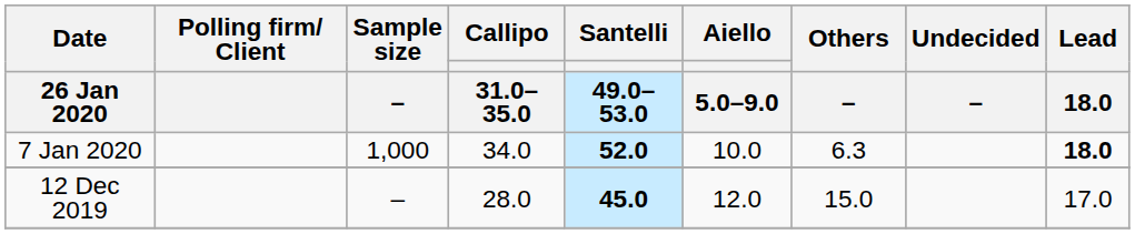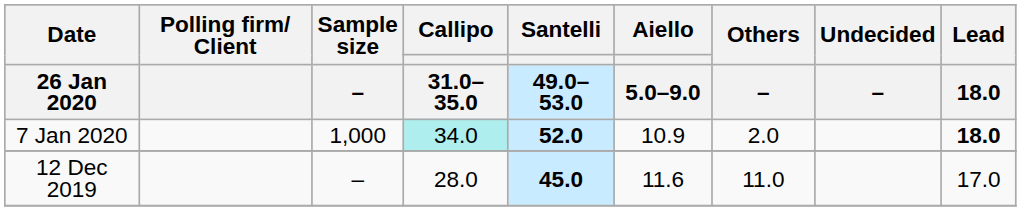 <table class=wikitable style="text-align:center;font-size:85%;line-height:13px">
 <tr style="height:30px; background-color:#E9E9E9">
 <th style="width:110px;" rowspan="2">Date</th>
 <th style="width:140px;" rowspan="2">Polling firm/<br>Client</th>
 <th style="width:50px;" rowspan="2">Sample size</th>
 <th style="width:65px;">Callipo</th>
 <th style="width:65px;">Santelli</th>
 <th style="width:65px;">Aiello</th>
 <th style="width:65px;" rowspan="2">Others</th>
 <th style="width:65px;" rowspan="2">Undecided</th>
 <th style="width:45px;" rowspan="2">Lead</th>
 </tr>
 <tr>
 <th style="background:"></th>
 <th style="background:"></th>
 <th style="background:"></th>
 </tr>
 <tr>
 <th>26 Jan 2020</th>
 <th></th>
 <th>–</th>
 <th>31.0–35.0</th>
 <th style="background:#C8EBFF"><strong>49.0–53.0</strong></th>
 <th>5.0–9.0</th>
 <th>–</th>
 <th>–</th>
 <th style="background:">18.0</th>
 </tr>
 <tr>
 <td>7 Jan 2020</td>
 <td></td>
 <td>1,000</td>
-<td>34.0</td>
+<td style="background: paleturquoise;">34.0</td>
 <td style="background:#C8EBFF"><strong>52.0</strong></td>
-<td>10.0</td>
-<td>6.3</td>
+<td>10.9</td>
+<td>2.0</td>
 <td></td>
 <td style="background:"><strong>18.0</strong></td>
 </tr>
 <tr>
 </tr>
 <tr>
 <td>12 Dec 2019</td>
 <td></td>
 <td>–</td>
 <td>28.0</td>
 <td style="background:#C8EBFF"><strong>45.0</strong></td>
-<td>12.0</td>
-<td>15.0</td>
+<td>11.6</td>
+<td>11.0</td>
 <td></td>
 <td style="background:">17.0</td>
 </tr>
 <tr>
 </tr>
 </table>
